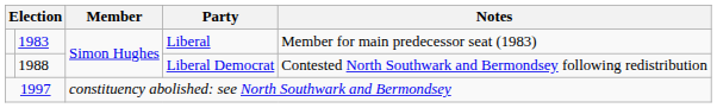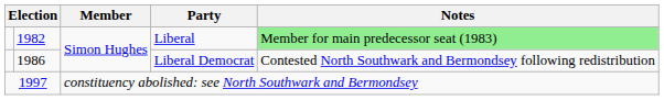 <table class="wikitable">
 <tr>
 <th colspan="2">Election</th>
 <th>Member</th>
 <th>Party</th>
 <th>Notes</th>
 </tr>
 <tr>
 <td style="color:inherit;background-color: "></td>
-<td><a href='#'>1983</a></td>
+<td><a href='#'>1982</a></td>
 <td rowspan="2"><a href='#'>Simon Hughes</a></td>
 <td><a href='#'>Liberal</a></td>
-<td>Member for main predecessor seat (1983)</td>
+<td style="background: lightgreen;">Member for main predecessor seat (1983)</td>
 </tr>
 <tr>
 <td style="color:inherit;background-color: "></td>
-<td>1988</td>
+<td>1986</td>
 <td><a href='#'>Liberal Democrat</a></td>
 <td>Contested <a href='#'>North Southwark and Bermondsey</a> following redistribution</td>
 </tr>
 <tr>
 <td colspan="2" align="center"><a href='#'>1997</a></td>
 <td colspan="3"><em>constituency abolished: see <a href='#'>North Southwark and Bermondsey</a></em></td>
 </tr>
 </table>
